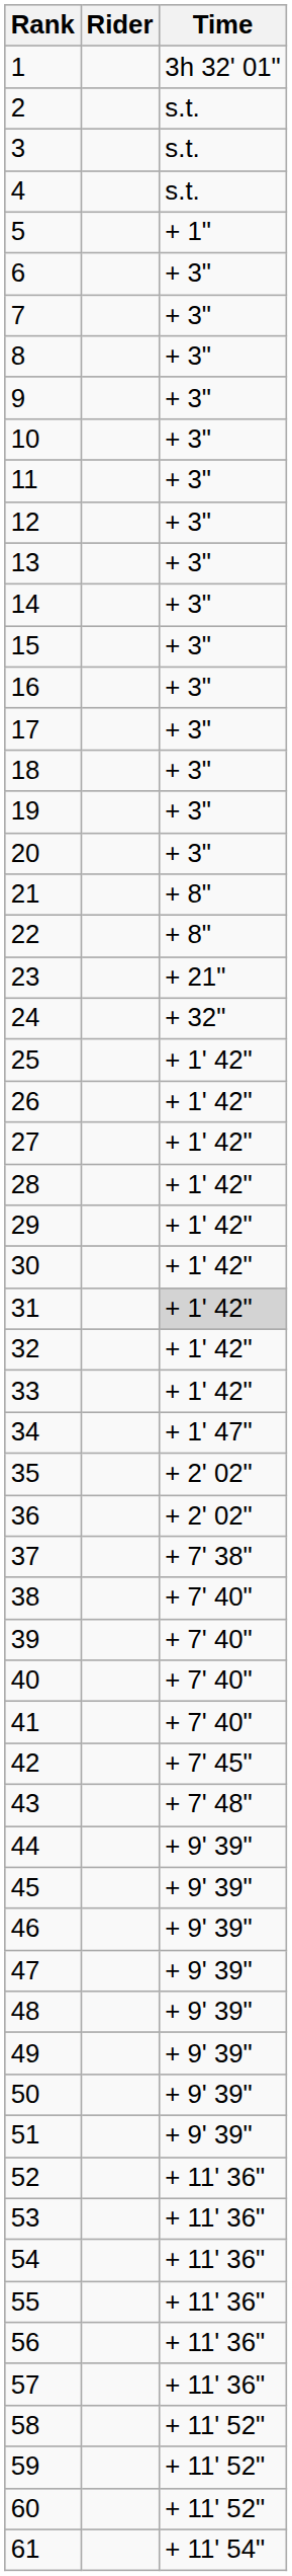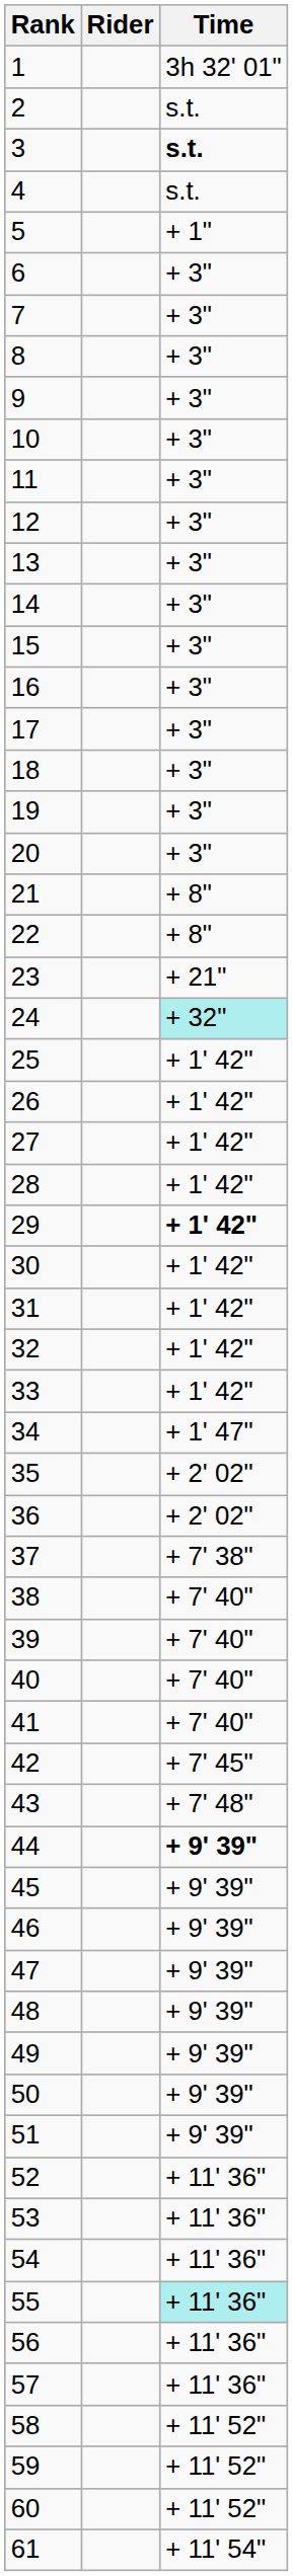 <table class="wikitable">
 <tr>
 <th>Rank</th>
 <th>Rider</th>
 <th>Time</th>
 </tr>
 <tr>
 <td>1</td>
 <td></td>
 <td>3h 32' 01"</td>
 </tr>
 <tr>
 <td>2</td>
 <td></td>
 <td>s.t.</td>
 </tr>
 <tr>
 <td>3</td>
 <td></td>
-<td>s.t.</td>
+<td><strong>s.t.</strong></td>
 </tr>
 <tr>
 <td>4</td>
 <td></td>
 <td>s.t.</td>
 </tr>
 <tr>
 <td>5</td>
 <td></td>
 <td>+ 1"</td>
 </tr>
 <tr>
 <td>6</td>
 <td></td>
 <td>+ 3"</td>
 </tr>
 <tr>
 <td>7</td>
 <td></td>
 <td>+ 3"</td>
 </tr>
 <tr>
 <td>8</td>
 <td></td>
 <td>+ 3"</td>
 </tr>
 <tr>
 <td>9</td>
 <td></td>
 <td>+ 3"</td>
 </tr>
 <tr>
 <td>10</td>
 <td></td>
 <td>+ 3"</td>
 </tr>
 <tr>
 <td>11</td>
 <td></td>
 <td>+ 3"</td>
 </tr>
 <tr>
 <td>12</td>
 <td></td>
 <td>+ 3"</td>
 </tr>
 <tr>
 <td>13</td>
 <td></td>
 <td>+ 3"</td>
 </tr>
 <tr>
 <td>14</td>
 <td></td>
 <td>+ 3"</td>
 </tr>
 <tr>
 <td>15</td>
 <td></td>
 <td>+ 3"</td>
 </tr>
 <tr>
 <td>16</td>
 <td></td>
 <td>+ 3"</td>
 </tr>
 <tr>
 <td>17</td>
 <td></td>
 <td>+ 3"</td>
 </tr>
 <tr>
 <td>18</td>
 <td></td>
 <td>+ 3"</td>
 </tr>
 <tr>
 <td>19</td>
 <td></td>
 <td>+ 3"</td>
 </tr>
 <tr>
 <td>20</td>
 <td></td>
 <td>+ 3"</td>
 </tr>
 <tr>
 <td>21</td>
 <td></td>
 <td>+ 8"</td>
 </tr>
 <tr>
 <td>22</td>
 <td></td>
 <td>+ 8"</td>
 </tr>
 <tr>
 <td>23</td>
 <td></td>
 <td>+ 21"</td>
 </tr>
 <tr>
 <td>24</td>
 <td></td>
-<td>+ 32"</td>
+<td style="background: paleturquoise;">+ 32"</td>
 </tr>
 <tr>
 <td>25</td>
 <td></td>
 <td>+ 1' 42"</td>
 </tr>
 <tr>
 <td>26</td>
 <td></td>
 <td>+ 1' 42"</td>
 </tr>
 <tr>
 <td>27</td>
 <td></td>
 <td>+ 1' 42"</td>
 </tr>
 <tr>
 <td>28</td>
 <td></td>
 <td>+ 1' 42"</td>
 </tr>
 <tr>
 <td>29</td>
 <td></td>
-<td>+ 1' 42"</td>
+<td><strong>+ 1' 42"</strong></td>
 </tr>
 <tr>
 <td>30</td>
 <td></td>
 <td>+ 1' 42"</td>
 </tr>
 <tr>
 <td>31</td>
 <td></td>
-<td style="background: lightgrey;">+ 1' 42"</td>
+<td>+ 1' 42"</td>
 </tr>
 <tr>
 <td>32</td>
 <td></td>
 <td>+ 1' 42"</td>
 </tr>
 <tr>
 <td>33</td>
 <td></td>
 <td>+ 1' 42"</td>
 </tr>
 <tr>
 <td>34</td>
 <td></td>
 <td>+ 1' 47"</td>
 </tr>
 <tr>
 <td>35</td>
 <td></td>
 <td>+ 2' 02"</td>
 </tr>
 <tr>
 <td>36</td>
 <td></td>
 <td>+ 2' 02"</td>
 </tr>
 <tr>
 <td>37</td>
 <td></td>
 <td>+ 7' 38"</td>
 </tr>
 <tr>
 <td>38</td>
 <td></td>
 <td>+ 7' 40"</td>
 </tr>
 <tr>
 <td>39</td>
 <td></td>
 <td>+ 7' 40"</td>
 </tr>
 <tr>
 <td>40</td>
 <td></td>
 <td>+ 7' 40"</td>
 </tr>
 <tr>
 <td>41</td>
 <td></td>
 <td>+ 7' 40"</td>
 </tr>
 <tr>
 <td>42</td>
 <td></td>
 <td>+ 7' 45"</td>
 </tr>
 <tr>
 <td>43</td>
 <td></td>
 <td>+ 7' 48"</td>
 </tr>
 <tr>
 <td>44</td>
 <td></td>
-<td>+ 9' 39"</td>
+<td><strong>+ 9' 39"</strong></td>
 </tr>
 <tr>
 <td>45</td>
 <td></td>
 <td>+ 9' 39"</td>
 </tr>
 <tr>
 <td>46</td>
 <td></td>
 <td>+ 9' 39"</td>
 </tr>
 <tr>
 <td>47</td>
 <td></td>
 <td>+ 9' 39"</td>
 </tr>
 <tr>
 <td>48</td>
 <td></td>
 <td>+ 9' 39"</td>
 </tr>
 <tr>
 <td>49</td>
 <td></td>
 <td>+ 9' 39"</td>
 </tr>
 <tr>
 <td>50</td>
 <td></td>
 <td>+ 9' 39"</td>
 </tr>
 <tr>
 <td>51</td>
 <td></td>
 <td>+ 9' 39"</td>
 </tr>
 <tr>
 <td>52</td>
 <td></td>
 <td>+ 11' 36"</td>
 </tr>
 <tr>
 <td>53</td>
 <td></td>
 <td>+ 11' 36"</td>
 </tr>
 <tr>
 <td>54</td>
 <td></td>
 <td>+ 11' 36"</td>
 </tr>
 <tr>
 <td>55</td>
 <td></td>
-<td>+ 11' 36"</td>
+<td style="background: paleturquoise;">+ 11' 36"</td>
 </tr>
 <tr>
 <td>56</td>
 <td></td>
 <td>+ 11' 36"</td>
 </tr>
 <tr>
 <td>57</td>
 <td></td>
 <td>+ 11' 36"</td>
 </tr>
 <tr>
 <td>58</td>
 <td></td>
 <td>+ 11' 52"</td>
 </tr>
 <tr>
 <td>59</td>
 <td></td>
 <td>+ 11' 52"</td>
 </tr>
 <tr>
 <td>60</td>
 <td></td>
 <td>+ 11' 52"</td>
 </tr>
 <tr>
 <td>61</td>
 <td></td>
 <td>+ 11' 54"</td>
 </tr>
 </table>
